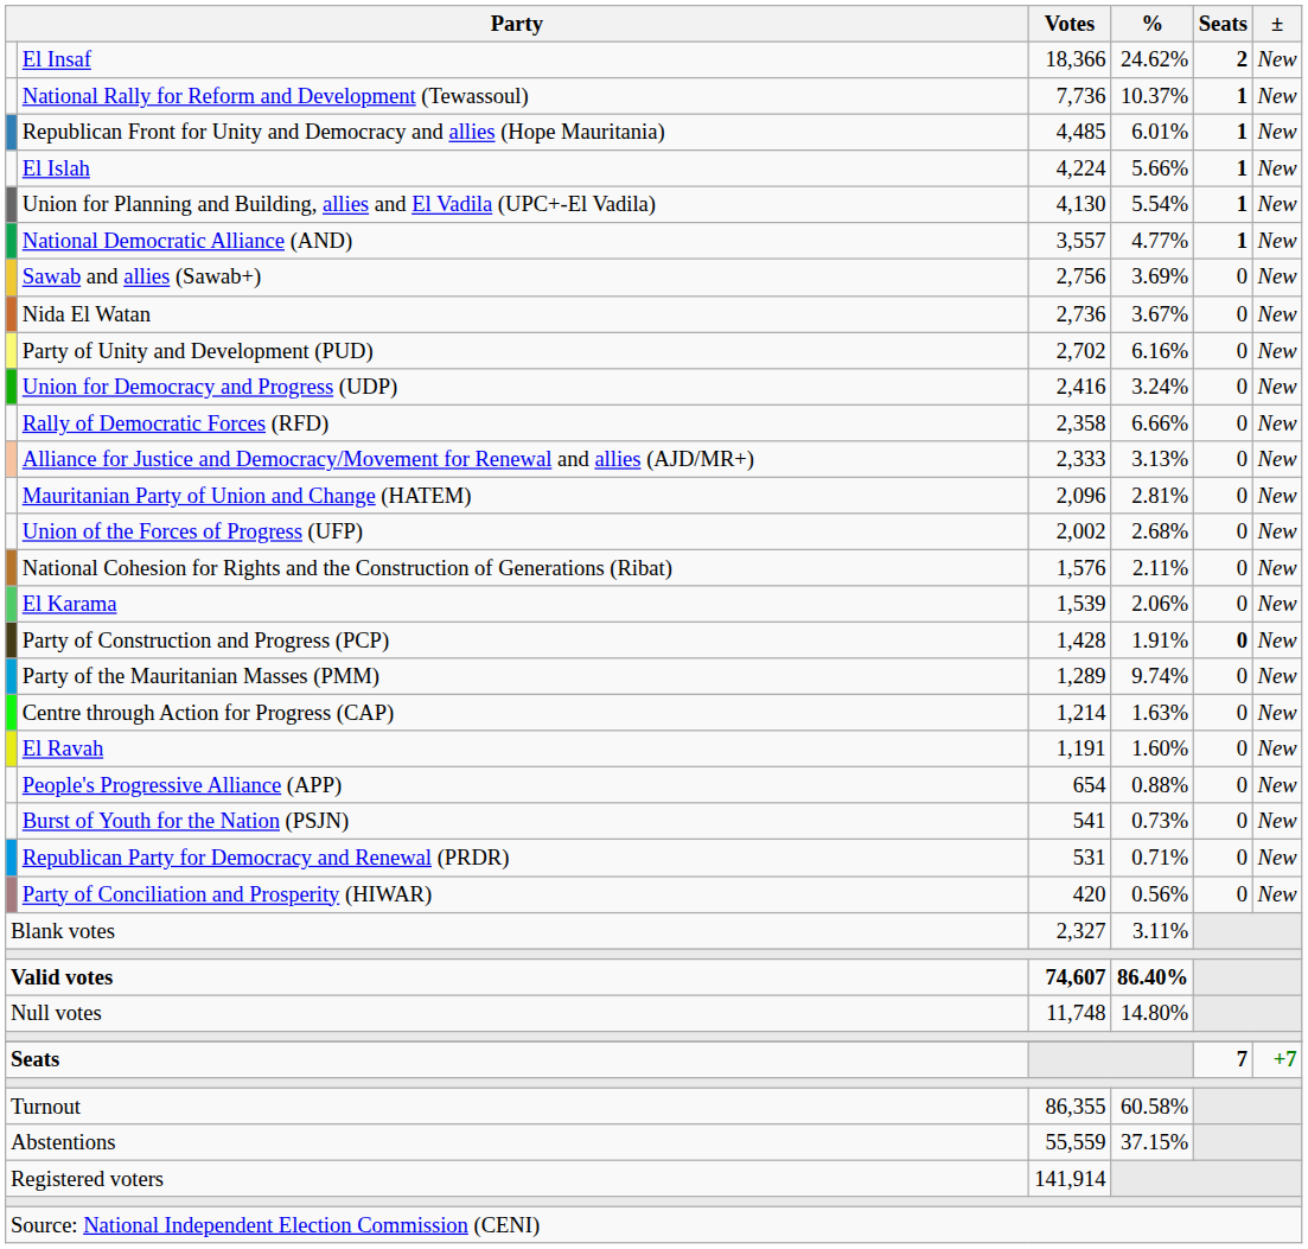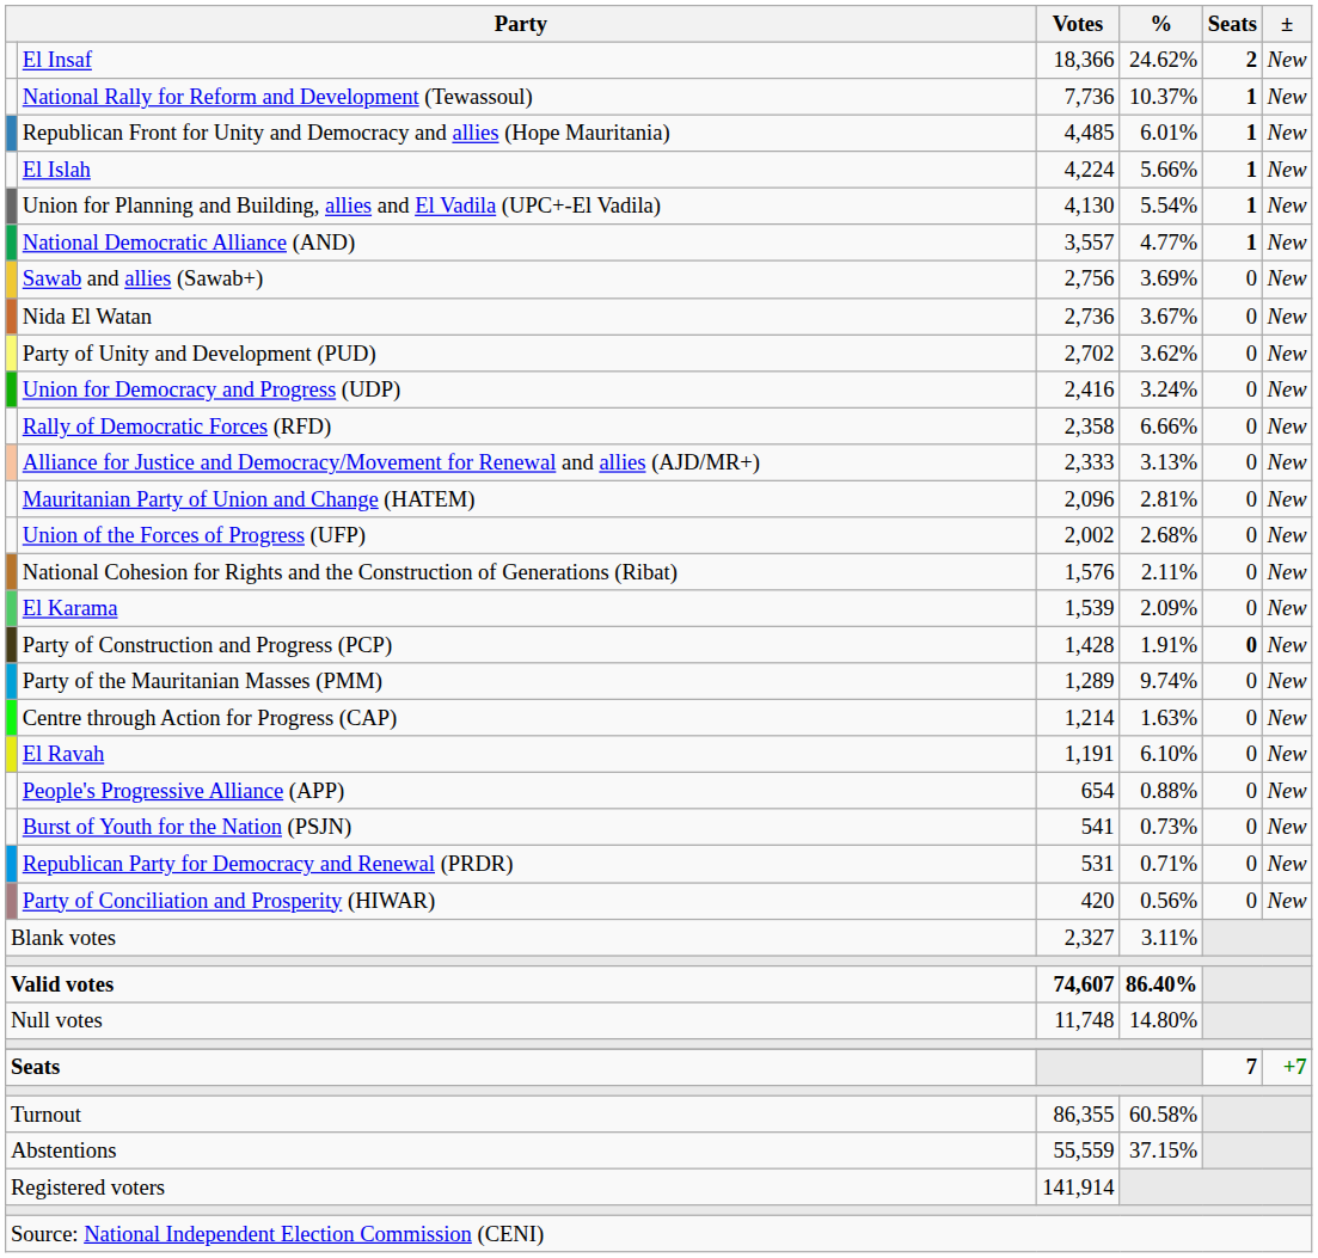 <table class="wikitable" style="text-align:right;font-size:95%;">
 <tr>
 <th width="700" colspan="2">Party</th>
 <th width="50">Votes</th>
 <th width="50">%</th>
 <th width="25">Seats</th>
 <th width="20">±</th>
 </tr>
 <tr>
 <td width="1" style="color:inherit;background:"></td>
 <td style="text-align:left;"><a href='#'>El Insaf</a></td>
 <td>18,366</td>
 <td>24.62%</td>
 <td><strong>2</strong></td>
 <td><em>New</em></td>
 </tr>
 <tr>
 <td width="1" style="color:inherit;background:"></td>
 <td style="text-align:left;"><a href='#'>National Rally for Reform and Development</a> (Tewassoul)</td>
 <td>7,736</td>
 <td>10.37%</td>
 <td><strong>1</strong></td>
 <td><em>New</em></td>
 </tr>
 <tr>
 <td width="1" style="color:inherit;background:#3080B7;"></td>
 <td style="text-align:left;">Republican Front for Unity and Democracy and <a href='#'>allies</a> (Hope Mauritania)</td>
 <td>4,485</td>
 <td>6.01%</td>
 <td><strong>1</strong></td>
 <td><em>New</em></td>
 </tr>
 <tr>
 <td width="1" style="color:inherit;background:"></td>
 <td style="text-align:left;"><a href='#'>El Islah</a></td>
 <td>4,224</td>
 <td>5.66%</td>
 <td><strong>1</strong></td>
 <td><em>New</em></td>
 </tr>
 <tr>
 <td width="1" style="color:inherit;background:#666666;"></td>
 <td style="text-align:left;">Union for Planning and Building, <a href='#'>allies</a> and <a href='#'>El Vadila</a> (UPC+-El Vadila)</td>
 <td>4,130</td>
 <td>5.54%</td>
 <td><strong>1</strong></td>
 <td><em>New</em></td>
 </tr>
 <tr>
 <td width="1" style="color:inherit;background:#0AA450;"></td>
 <td style="text-align:left;"><a href='#'>National Democratic Alliance</a> (AND)</td>
 <td>3,557</td>
 <td>4.77%</td>
 <td><strong>1</strong></td>
 <td><em>New</em></td>
 </tr>
 <tr>
 <td width="1" style="color:inherit;background:#F0C832;"></td>
 <td style="text-align:left;"><a href='#'>Sawab</a> and <a href='#'>allies</a> (Sawab+)</td>
 <td>2,756</td>
 <td>3.69%</td>
 <td>0</td>
 <td><em>New</em></td>
 </tr>
 <tr>
 <td width="1" style="color:inherit;background:#C96A2F;"></td>
 <td style="text-align:left;">Nida El Watan</td>
 <td>2,736</td>
 <td>3.67%</td>
 <td>0</td>
 <td><em>New</em></td>
 </tr>
 <tr>
 <td width="1" style="color:inherit;background:#FAFA75;"></td>
 <td style="text-align:left;">Party of Unity and Development (PUD)</td>
 <td>2,702</td>
-<td>6.16%</td>
+<td>3.62%</td>
 <td>0</td>
 <td><em>New</em></td>
 </tr>
 <tr>
 <td width="1" style="color:inherit;background:#0FAF05;"></td>
 <td style="text-align:left;"><a href='#'>Union for Democracy and Progress</a> (UDP)</td>
 <td>2,416</td>
 <td>3.24%</td>
 <td>0</td>
 <td><em>New</em></td>
 </tr>
 <tr>
 <td width="1" style="color:inherit;background:"></td>
 <td style="text-align:left;"><a href='#'>Rally of Democratic Forces</a> (RFD)</td>
 <td>2,358</td>
 <td>6.66%</td>
 <td>0</td>
 <td><em>New</em></td>
 </tr>
 <tr>
 <td width="1" style="color:inherit;background:#F8C3A0;"></td>
 <td style="text-align:left;"><a href='#'>Alliance for Justice and Democracy/Movement for Renewal</a> and <a href='#'>allies</a> (AJD/MR+)</td>
 <td>2,333</td>
 <td>3.13%</td>
 <td>0</td>
 <td><em>New</em></td>
 </tr>
 <tr>
 <td width="1" style="color:inherit;background:"></td>
 <td style="text-align:left;"><a href='#'>Mauritanian Party of Union and Change</a> (HATEM)</td>
 <td>2,096</td>
 <td>2.81%</td>
 <td>0</td>
 <td><em>New</em></td>
 </tr>
 <tr>
 <td width="1" style="color:inherit;background:"></td>
 <td style="text-align:left;"><a href='#'>Union of the Forces of Progress</a> (UFP)</td>
 <td>2,002</td>
 <td>2.68%</td>
 <td>0</td>
 <td><em>New</em></td>
 </tr>
 <tr>
 <td width="1" style="color:inherit;background:#B7752C;"></td>
 <td style="text-align:left;">National Cohesion for Rights and the Construction of Generations (Ribat)</td>
 <td>1,576</td>
 <td>2.11%</td>
 <td>0</td>
 <td><em>New</em></td>
 </tr>
 <tr>
 <td width="1" style="color:inherit;background:#4FCB68;"></td>
 <td style="text-align:left;"><a href='#'>El Karama</a></td>
 <td>1,539</td>
-<td>2.06%</td>
+<td>2.09%</td>
 <td>0</td>
 <td><em>New</em></td>
 </tr>
 <tr>
 <td width="1" style="color:inherit;background:#433A16;"></td>
 <td style="text-align:left;">Party of Construction and Progress (PCP)</td>
 <td>1,428</td>
 <td>1.91%</td>
 <td><strong>0</strong></td>
 <td><em>New</em></td>
 </tr>
 <tr>
 <td width="1" style="color:inherit;background:#00A1D7;"></td>
 <td style="text-align:left;">Party of the Mauritanian Masses (PMM)</td>
 <td>1,289</td>
 <td>9.74%</td>
 <td>0</td>
 <td><em>New</em></td>
 </tr>
 <tr>
 <td width="1" style="color:inherit;background:#0EF70E;"></td>
 <td style="text-align:left;">Centre through Action for Progress (CAP)</td>
 <td>1,214</td>
 <td>1.63%</td>
 <td>0</td>
 <td><em>New</em></td>
 </tr>
 <tr>
 <td width="1" style="color:inherit;background:#E7EB16;"></td>
 <td style="text-align:left;"><a href='#'>El Ravah</a></td>
 <td>1,191</td>
-<td>1.60%</td>
+<td>6.10%</td>
 <td>0</td>
 <td><em>New</em></td>
 </tr>
 <tr>
 <td width="1" style="color:inherit;background:"></td>
 <td style="text-align:left;"><a href='#'>People's Progressive Alliance</a> (APP)</td>
 <td>654</td>
 <td>0.88%</td>
 <td>0</td>
 <td><em>New</em></td>
 </tr>
 <tr>
 <td width="1" style="color:inherit;background:"></td>
 <td style="text-align:left;"><a href='#'>Burst of Youth for the Nation</a> (PSJN)</td>
 <td>541</td>
 <td>0.73%</td>
 <td>0</td>
 <td><em>New</em></td>
 </tr>
 <tr>
 <td width="1" style="color:inherit;background:#0198E2;"></td>
 <td style="text-align:left;"><a href='#'>Republican Party for Democracy and Renewal</a> (PRDR)</td>
 <td>531</td>
 <td>0.71%</td>
 <td>0</td>
 <td><em>New</em></td>
 </tr>
 <tr>
 <td width="1" style="color:inherit;background:#A47A7E;"></td>
 <td style="text-align:left;"><a href='#'>Party of Conciliation and Prosperity</a> (HIWAR)</td>
 <td>420</td>
 <td>0.56%</td>
 <td>0</td>
 <td><em>New</em></td>
 </tr>
 <tr>
 <td colspan="2" style="text-align:left;">Blank votes</td>
 <td>2,327</td>
 <td>3.11%</td>
 <td colspan="2" style="background:#E9E9E9;"></td>
 </tr>
 <tr>
 <td colspan="6" style="background:#E9E9E9;"></td>
 </tr>
 <tr style="font-weight:bold;">
 <td colspan="2" style="text-align:left;">Valid votes</td>
 <td>74,607</td>
 <td>86.40%</td>
 <td colspan="2" style="background:#E9E9E9;"></td>
 </tr>
 <tr>
 <td colspan="2" style="text-align:left;">Null votes</td>
 <td>11,748</td>
 <td>14.80%</td>
 <td colspan="2" style="background:#E9E9E9;"></td>
 </tr>
 <tr>
 <td colspan="6" style="background:#E9E9E9;"></td>
 </tr>
 <tr>
 </tr>
 <tr style="font-weight:bold;">
 <td colspan="2" style="text-align:left;">Seats</td>
 <td colspan="2" style="background:#E9E9E9;"></td>
 <td>7</td>
 <td style="color:green;">+7</td>
 </tr>
 <tr>
 <td colspan="6" style="background:#E9E9E9;"></td>
 </tr>
 <tr>
 <td colspan="2" style="text-align:left;">Turnout</td>
 <td>86,355</td>
 <td>60.58%</td>
 <td colspan="2" style="background:#E9E9E9;"></td>
 </tr>
 <tr>
 <td colspan="2" style="text-align:left;">Abstentions</td>
 <td>55,559</td>
 <td>37.15%</td>
 <td colspan="2" style="background:#E9E9E9;"></td>
 </tr>
 <tr>
 <td colspan="2" style="text-align:left;">Registered voters</td>
 <td>141,914</td>
 <td colspan="3" style="background:#E9E9E9;"></td>
 </tr>
 <tr>
 <td colspan="6" style="background:#E9E9E9;"></td>
 </tr>
 <tr>
 <td colspan="6" style="text-align:left;">Source: <a href='#'>National Independent Election Commission</a> (CENI)</td>
 </tr>
 </table>
